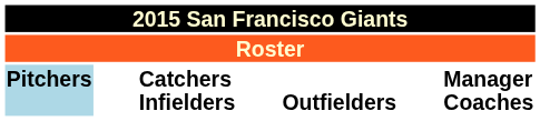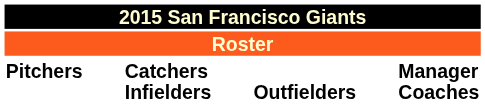 <table class="toccolours" style="font-size: 95%;">
 <tr>
 <th colspan="10" style="background:black; color:#fffdd0; text-align:center;">2015 San Francisco Giants</th>
 </tr>
 <tr>
 <td colspan="10" style="background:#fd5a1e; color:#fffdd0; text-align:center;"><strong>Roster</strong></td>
 </tr>
 <tr>
-<td valign="top" style="background: lightblue;"><strong>Pitchers</strong><br>                    </td>
+<td valign="top"><strong>Pitchers</strong><br>                    </td>
 <td style="width:25px;"></td>
 <td valign="top"><strong>Catchers</strong><br>     <strong>Infielders</strong>          </td>
 <td style="width:25px;"></td>
 <td valign="top"><br><strong>Outfielders</strong>            </td>
 <td style="width:25px;"></td>
 <td valign="top"><strong>Manager</strong><br> <strong>Coaches</strong>                      </td>
 </tr>
 </table>
